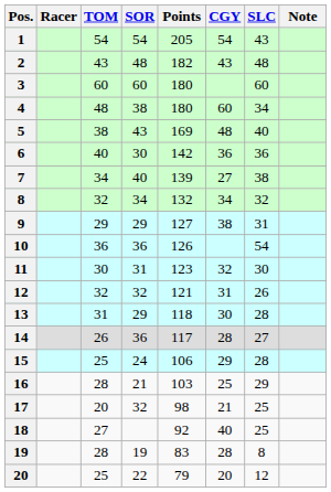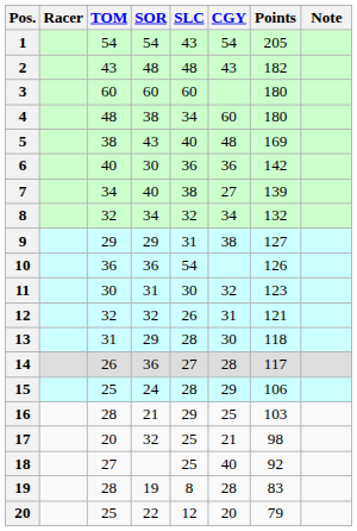 <table class="wikitable sortable plainrowheaders" style="text-align:center;">
 <tr>
 <th scope="col">Pos.</th>
 <th scope="col">Racer</th>
 <th scope="col"> <a href='#'>TOM</a></th>
 <th scope="col"> <a href='#'>SOR</a></th>
+<th scope="col"> <a href='#'>SLC</a></th>
+<th scope="col"> <a href='#'>CGY</a></th>
 <th style="width:45px;">Points</th>
-<th scope="col"> <a href='#'>CGY</a></th>
-<th scope="col"> <a href='#'>SLC</a></th>
 <th style="width:45px;">Note</th>
 </tr>
 <tr bgcolor=#ccffcc>
 <th style="text - align:center; ">1</th>
 <td align="left"></td>
 <td>54</td>
 <td>54</td>
+<td>43</td>
+<td>54</td>
 <td>205</td>
-<td>54</td>
-<td>43</td>
 <td></td>
 </tr>
 <tr bgcolor=#ccffcc>
 <th style="text - align:center; ">2</th>
 <td align="left"></td>
 <td>43</td>
 <td>48</td>
+<td>48</td>
+<td>43</td>
 <td>182</td>
-<td>43</td>
-<td>48</td>
 <td></td>
 </tr>
 <tr bgcolor=#ccffcc>
 <th style="text - align:center; ">3</th>
 <td align="left"></td>
 <td>60</td>
 <td>60</td>
+<td>60</td>
+<td></td>
 <td>180</td>
-<td></td>
-<td>60</td>
 <td></td>
 </tr>
 <tr bgcolor=#ccffcc>
 <th style="text - align:center; ">4</th>
 <td align="left"></td>
 <td>48</td>
 <td>38</td>
+<td>34</td>
+<td>60</td>
 <td>180</td>
-<td>60</td>
-<td>34</td>
 <td></td>
 </tr>
 <tr bgcolor=#ccffcc>
 <th style="text - align:center; ">5</th>
 <td align="left"></td>
 <td>38</td>
 <td>43</td>
+<td>40</td>
+<td>48</td>
 <td>169</td>
-<td>48</td>
-<td>40</td>
 <td></td>
 </tr>
 <tr bgcolor=#ccffcc>
 <th style="text - align:center; ">6</th>
 <td align="left"></td>
 <td>40</td>
 <td>30</td>
-<td>142</td>
 <td>36</td>
 <td>36</td>
+<td>142</td>
 <td></td>
 </tr>
 <tr bgcolor=#ccffcc>
 <th style="text - align:center; ">7</th>
 <td align="left"></td>
 <td>34</td>
 <td>40</td>
+<td>38</td>
+<td>27</td>
 <td>139</td>
-<td>27</td>
-<td>38</td>
 <td></td>
 </tr>
 <tr bgcolor=#ccffcc>
 <th style="text - align:center; ">8</th>
 <td align="left"></td>
 <td>32</td>
 <td>34</td>
+<td>32</td>
+<td>34</td>
 <td>132</td>
-<td>34</td>
-<td>32</td>
 <td></td>
 </tr>
 <tr bgcolor=#ccffff>
 <th style="text - align:center; ">9</th>
 <td align="left"></td>
 <td>29</td>
 <td>29</td>
+<td>31</td>
+<td>38</td>
 <td>127</td>
-<td>38</td>
-<td>31</td>
 <td></td>
 </tr>
 <tr bgcolor=#ccffff>
 <th style="text - align:center; ">10</th>
 <td align="left"></td>
 <td>36</td>
 <td>36</td>
+<td>54</td>
+<td></td>
 <td>126</td>
-<td></td>
-<td>54</td>
 <td></td>
 </tr>
 <tr bgcolor=#ccffff>
 <th style="text - align:center; ">11</th>
 <td align="left"></td>
 <td>30</td>
 <td>31</td>
+<td>30</td>
+<td>32</td>
 <td>123</td>
-<td>32</td>
-<td>30</td>
 <td></td>
 </tr>
 <tr bgcolor=#ccffff>
 <th style="text - align:center; ">12</th>
 <td align="left"></td>
 <td>32</td>
 <td>32</td>
+<td>26</td>
+<td>31</td>
 <td>121</td>
-<td>31</td>
-<td>26</td>
 <td></td>
 </tr>
 <tr bgcolor=#ccffff>
 <th style="text - align:center; ">13</th>
 <td align="left"></td>
 <td>31</td>
 <td>29</td>
+<td>28</td>
+<td>30</td>
 <td>118</td>
-<td>30</td>
-<td>28</td>
 <td></td>
 </tr>
 <tr bgcolor=#dddddd>
 <th style="text - align:center; ">14</th>
 <td align="left"></td>
 <td>26</td>
 <td>36</td>
+<td>27</td>
+<td>28</td>
 <td>117</td>
-<td>28</td>
-<td>27</td>
 <td></td>
 </tr>
 <tr bgcolor=#ccffff>
 <th style="text - align:center; ">15</th>
 <td align="left"></td>
 <td>25</td>
 <td>24</td>
+<td>28</td>
+<td>29</td>
 <td>106</td>
-<td>29</td>
-<td>28</td>
 <td></td>
 </tr>
 <tr>
 <th style="text - align:center; ">16</th>
 <td align="left"></td>
 <td>28</td>
 <td>21</td>
+<td>29</td>
+<td>25</td>
 <td>103</td>
-<td>25</td>
-<td>29</td>
 <td></td>
 </tr>
 <tr>
 <th style="text - align:center; ">17</th>
 <td align="left"></td>
 <td>20</td>
 <td>32</td>
+<td>25</td>
+<td>21</td>
 <td>98</td>
-<td>21</td>
-<td>25</td>
 <td></td>
 </tr>
 <tr>
 <th style="text - align:center; ">18</th>
 <td align="left"></td>
 <td>27</td>
 <td></td>
+<td>25</td>
+<td>40</td>
 <td>92</td>
-<td>40</td>
-<td>25</td>
 <td></td>
 </tr>
 <tr>
 <th style="text - align:center; ">19</th>
 <td align="left"></td>
 <td>28</td>
 <td>19</td>
+<td>8</td>
+<td>28</td>
 <td>83</td>
-<td>28</td>
-<td>8</td>
 <td></td>
 </tr>
 <tr>
 <th style="text - align:center; ">20</th>
 <td align="left"></td>
 <td>25</td>
 <td>22</td>
+<td>12</td>
+<td>20</td>
 <td>79</td>
-<td>20</td>
-<td>12</td>
 <td></td>
 </tr>
 </table>
